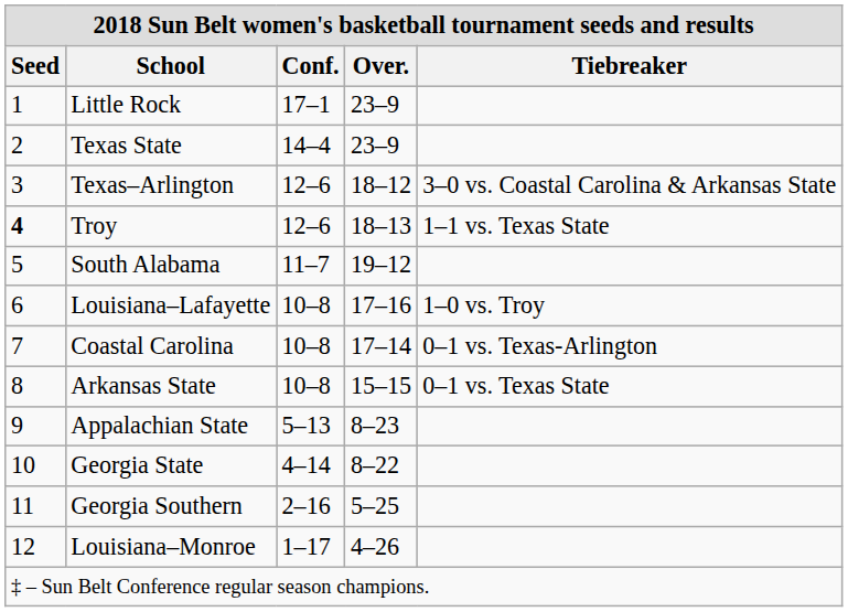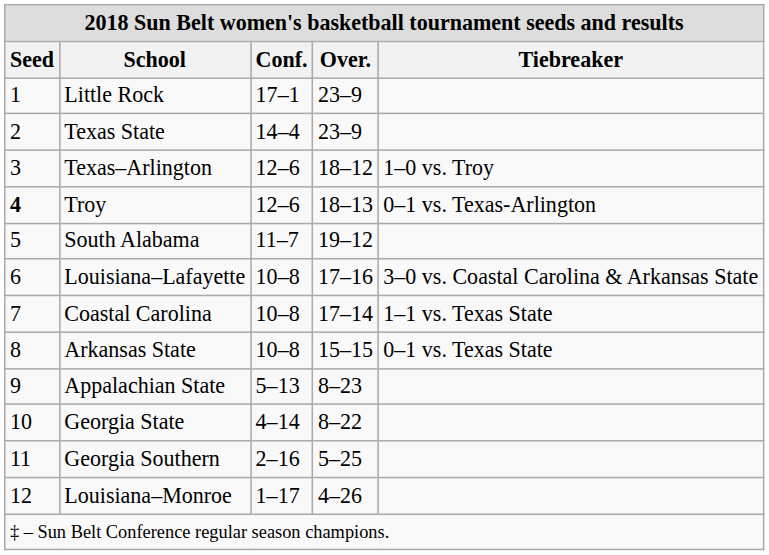 <table class="wikitable" style="white-space:nowrap; font-size:90%;">
 <tr>
 <td colspan="10" style="text-align:center; background:#DDDDDD; font:#000000"><strong>2018 Sun Belt women's basketball tournament seeds and results</strong></td>
 </tr>
 <tr bgcolor="#efefef">
 <th>Seed</th>
 <th>School</th>
 <th>Conf.</th>
 <th>Over.</th>
 <th>Tiebreaker</th>
 </tr>
 <tr>
 <td>1</td>
 <td>Little Rock</td>
 <td>17–1</td>
 <td>23–9</td>
 <td></td>
 </tr>
 <tr>
 <td>2</td>
 <td>Texas State</td>
 <td>14–4</td>
 <td>23–9</td>
 <td></td>
 </tr>
 <tr>
 <td>3</td>
 <td>Texas–Arlington</td>
 <td>12–6</td>
 <td>18–12</td>
-<td>3–0 vs. Coastal Carolina & Arkansas State</td>
+<td>1–0 vs. Troy</td>
 </tr>
 <tr>
 <td><strong>4</strong></td>
 <td>Troy</td>
 <td>12–6</td>
 <td>18–13</td>
-<td>1–1 vs. Texas State</td>
+<td>0–1 vs. Texas-Arlington</td>
 </tr>
 <tr>
 <td>5</td>
 <td>South Alabama</td>
 <td>11–7</td>
 <td>19–12</td>
 <td></td>
 </tr>
 <tr>
 <td>6</td>
 <td>Louisiana–Lafayette</td>
 <td>10–8</td>
 <td>17–16</td>
-<td>1–0 vs. Troy</td>
+<td>3–0 vs. Coastal Carolina & Arkansas State</td>
 </tr>
 <tr>
 <td>7</td>
 <td>Coastal Carolina</td>
 <td>10–8</td>
 <td>17–14</td>
-<td>0–1 vs. Texas-Arlington</td>
+<td>1–1 vs. Texas State</td>
 </tr>
 <tr>
 <td>8</td>
 <td>Arkansas State</td>
 <td>10–8</td>
 <td>15–15</td>
 <td>0–1 vs. Texas State</td>
 </tr>
 <tr>
 <td>9</td>
 <td>Appalachian State</td>
 <td>5–13</td>
 <td>8–23</td>
 <td></td>
 </tr>
 <tr>
 <td>10</td>
 <td>Georgia State</td>
 <td>4–14</td>
 <td>8–22</td>
 <td></td>
 </tr>
 <tr>
 <td>11</td>
 <td>Georgia Southern</td>
 <td>2–16</td>
 <td>5–25</td>
 <td></td>
 </tr>
 <tr>
 <td>12</td>
 <td>Louisiana–Monroe</td>
 <td>1–17</td>
 <td>4–26</td>
 <td></td>
 </tr>
 <tr>
 <td colspan="6" style="text-align:left;"><small>‡ – Sun Belt Conference regular season champions.</small></td>
 </tr>
 </table>
